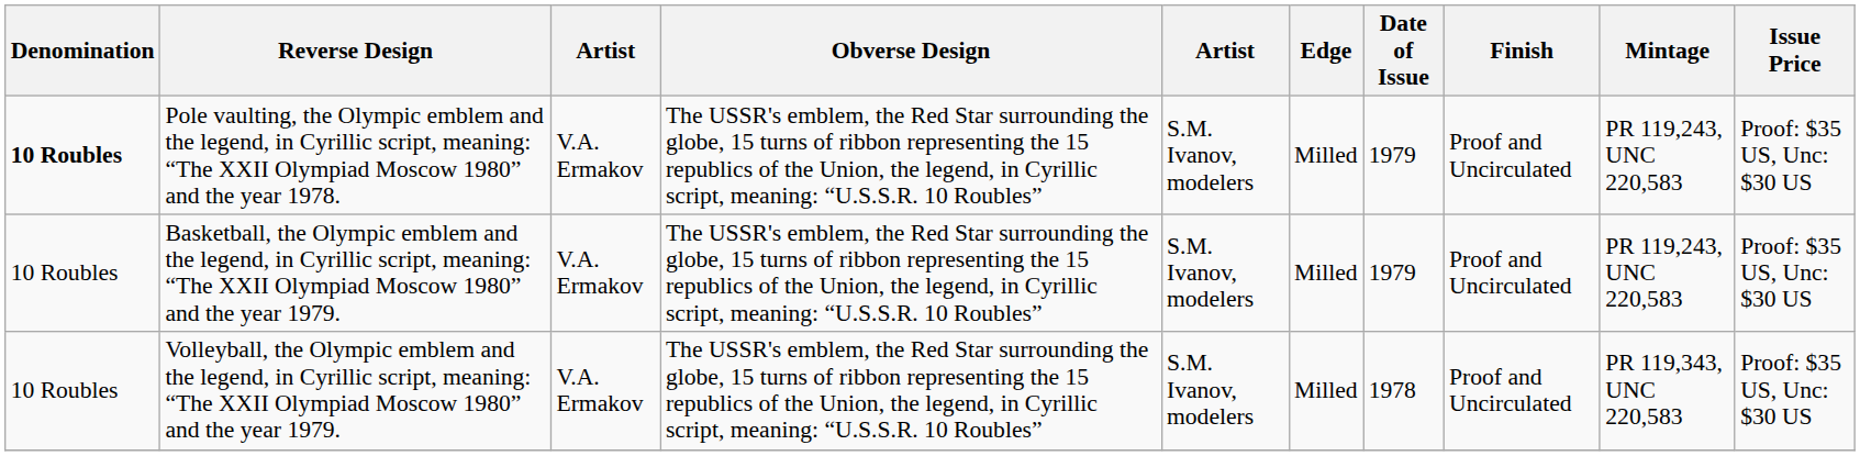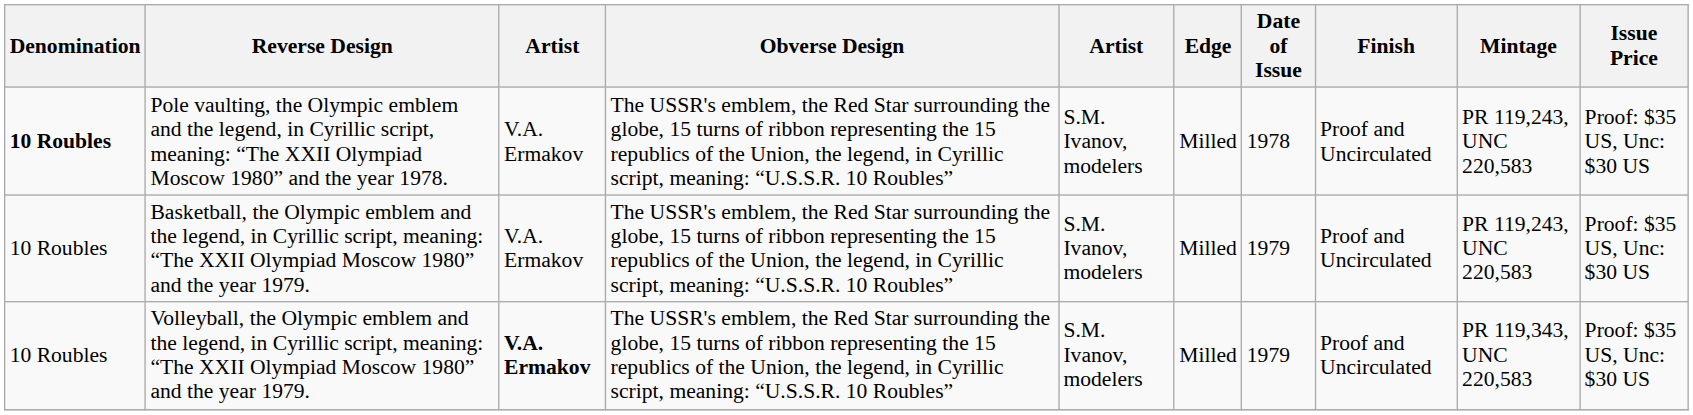 <table class="wikitable">
 <tr>
 <th>Denomination</th>
 <th>Reverse Design</th>
 <th>Artist</th>
 <th>Obverse Design</th>
 <th>Artist</th>
 <th>Edge</th>
 <th>Date of Issue</th>
 <th>Finish</th>
 <th>Mintage</th>
 <th>Issue Price</th>
 </tr>
 <tr>
 <td><strong>10 Roubles</strong></td>
 <td>Pole vaulting, the Olympic emblem and the legend, in Cyrillic script, meaning: “The XXII Olympiad Moscow 1980” and the year 1978.</td>
 <td>V.A. Ermakov</td>
 <td>The USSR's emblem, the Red Star surrounding the globe, 15 turns of ribbon representing the 15 republics of the Union, the legend, in Cyrillic script, meaning: “U.S.S.R. 10 Roubles”</td>
 <td>S.M. Ivanov, modelers</td>
 <td>Milled</td>
-<td>1979</td>
+<td>1978</td>
 <td>Proof and Uncirculated</td>
 <td>PR 119,243, UNC 220,583</td>
 <td>Proof: $35 US, Unc: $30 US</td>
 </tr>
 <tr>
 <td>10 Roubles</td>
 <td>Basketball, the Olympic emblem and the legend, in Cyrillic script, meaning: “The XXII Olympiad Moscow 1980” and the year 1979.</td>
 <td>V.A. Ermakov</td>
 <td>The USSR's emblem, the Red Star surrounding the globe, 15 turns of ribbon representing the 15 republics of the Union, the legend, in Cyrillic script, meaning: “U.S.S.R. 10 Roubles”</td>
 <td>S.M. Ivanov, modelers</td>
 <td>Milled</td>
 <td>1979</td>
 <td>Proof and Uncirculated</td>
 <td>PR 119,243, UNC 220,583</td>
 <td>Proof: $35 US, Unc: $30 US</td>
 </tr>
 <tr>
 <td>10 Roubles</td>
 <td>Volleyball, the Olympic emblem and the legend, in Cyrillic script, meaning: “The XXII Olympiad Moscow 1980” and the year 1979.</td>
-<td>V.A. Ermakov</td>
+<td><strong>V.A. Ermakov</strong></td>
 <td>The USSR's emblem, the Red Star surrounding the globe, 15 turns of ribbon representing the 15 republics of the Union, the legend, in Cyrillic script, meaning: “U.S.S.R. 10 Roubles”</td>
 <td>S.M. Ivanov, modelers</td>
 <td>Milled</td>
-<td>1978</td>
+<td>1979</td>
 <td>Proof and Uncirculated</td>
 <td>PR 119,343, UNC 220,583</td>
 <td>Proof: $35 US, Unc: $30 US</td>
 </tr>
 <tr>
 </tr>
 </table>
